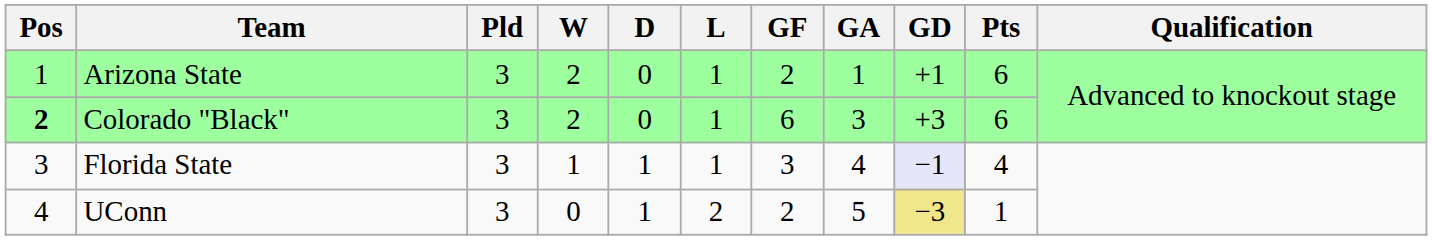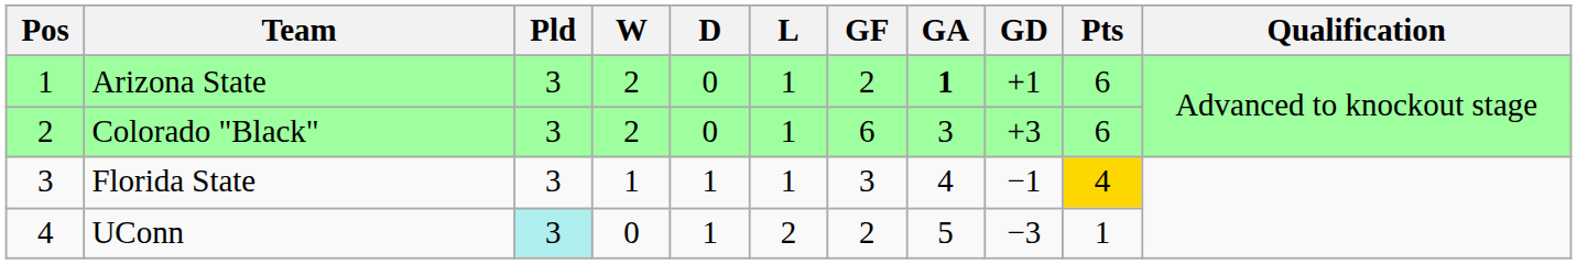 <table class="wikitable" style="text-align:center; margin: 1em auto">
 <tr>
 <th style="width:2em">Pos</th>
 <th style="width:13em">Team</th>
 <th style="width:2em">Pld</th>
 <th style="width:2em">W</th>
 <th style="width:2em">D</th>
 <th style="width:2em">L</th>
 <th style="width:2em">GF</th>
 <th style="width:2em">GA</th>
 <th style="width:2em">GD</th>
 <th style="width:2em">Pts</th>
 <th style="width:13em">Qualification</th>
 </tr>
 <tr bgcolor="#9eff9e">
 <td>1</td>
 <td style="text-align:left">Arizona State</td>
 <td>3</td>
 <td>2</td>
 <td>0</td>
 <td>1</td>
 <td>2</td>
-<td>1</td>
+<td><strong>1</strong></td>
 <td>+1</td>
 <td>6</td>
 <td rowspan="2">Advanced to knockout stage</td>
 </tr>
 <tr bgcolor="#9eff9e">
-<td><strong>2</strong></td>
+<td>2</td>
 <td style="text-align:left">Colorado "Black"</td>
 <td>3</td>
 <td>2</td>
 <td>0</td>
 <td>1</td>
 <td>6</td>
 <td>3</td>
 <td>+3</td>
 <td>6</td>
 </tr>
 <tr>
 <td>3</td>
 <td style="text-align:left">Florida State</td>
 <td>3</td>
 <td>1</td>
 <td>1</td>
 <td>1</td>
 <td>3</td>
 <td>4</td>
-<td style="background: lavender;">−1</td>
-<td>4</td>
+<td>−1</td>
+<td style="background: gold;">4</td>
 <td rowspan="2"></td>
 </tr>
 <tr>
 <td>4</td>
 <td style="text-align:left">UConn</td>
-<td>3</td>
+<td style="background: paleturquoise;">3</td>
 <td>0</td>
 <td>1</td>
 <td>2</td>
 <td>2</td>
 <td>5</td>
-<td style="background: khaki;">−3</td>
+<td>−3</td>
 <td>1</td>
 </tr>
 </table>
